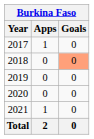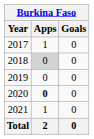 <table class="wikitable" style="text-align:center">
 <tr>
 <th colspan=3><a href='#'>Burkina Faso</a></th>
 </tr>
 <tr>
 <th>Year</th>
 <th>Apps</th>
 <th>Goals</th>
 </tr>
 <tr>
 <td>2017</td>
 <td>1</td>
 <td>0</td>
 </tr>
 <tr>
 <td>2018</td>
+<td style="background: lightgrey;">0</td>
 <td>0</td>
-<td style="background: lightsalmon;">0</td>
 </tr>
 <tr>
 <td>2019</td>
 <td>0</td>
 <td>0</td>
 </tr>
 <tr>
 <td>2020</td>
-<td>0</td>
+<td><strong>0</strong></td>
 <td>0</td>
 </tr>
 <tr>
 <td>2021</td>
 <td>1</td>
 <td>0</td>
 </tr>
 <tr>
 <th>Total</th>
 <th>2</th>
 <th>0</th>
 </tr>
 </table>
